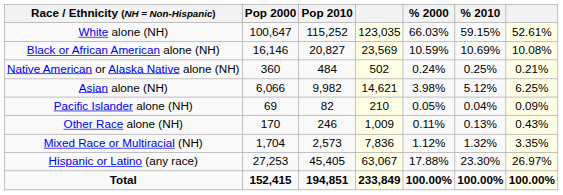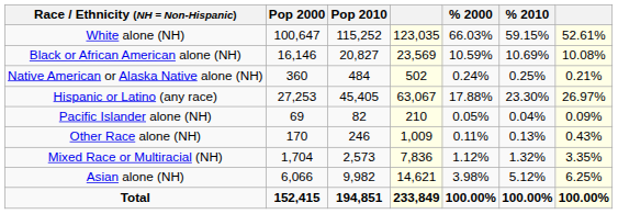 <table class="wikitable" style="text-align:center;">
 <tr>
 <th>Race / Ethnicity <small>(<em>NH = Non-Hispanic</em>)</small></th>
 <th>Pop 2000</th>
 <th>Pop 2010</th>
 <th></th>
 <th>% 2000</th>
 <th>% 2010</th>
 <th></th>
 </tr>
 <tr>
 <td><a href='#'>White</a> alone (NH)</td>
 <td>100,647</td>
 <td>115,252</td>
 <td style='background: #ffffe6;'>123,035</td>
 <td>66.03%</td>
 <td>59.15%</td>
 <td style='background: #ffffe6;'>52.61%</td>
 </tr>
 <tr>
 <td><a href='#'>Black or African American</a> alone (NH)</td>
 <td>16,146</td>
 <td>20,827</td>
 <td style='background: #ffffe6;'>23,569</td>
 <td>10.59%</td>
 <td>10.69%</td>
 <td style='background: #ffffe6;'>10.08%</td>
 </tr>
 <tr>
 <td><a href='#'>Native American</a> or <a href='#'>Alaska Native</a> alone (NH)</td>
 <td>360</td>
 <td>484</td>
 <td style='background: #ffffe6;'>502</td>
 <td>0.24%</td>
 <td>0.25%</td>
 <td style='background: #ffffe6;'>0.21%</td>
 </tr>
 <tr>
-<td><a href='#'>Asian</a> alone (NH)</td>
-<td>6,066</td>
-<td>9,982</td>
-<td style='background: #ffffe6;'>14,621</td>
-<td>3.98%</td>
-<td>5.12%</td>
-<td style='background: #ffffe6;'>6.25%</td>
+<td><a href='#'>Hispanic or Latino</a> (any race)</td>
+<td>27,253</td>
+<td>45,405</td>
+<td style='background: #ffffe6;'>63,067</td>
+<td>17.88%</td>
+<td>23.30%</td>
+<td style='background: #ffffe6;'>26.97%</td>
 </tr>
 <tr>
 <td><a href='#'>Pacific Islander</a> alone (NH)</td>
 <td>69</td>
 <td>82</td>
 <td style='background: #ffffe6;'>210</td>
 <td>0.05%</td>
 <td>0.04%</td>
 <td style='background: #ffffe6;'>0.09%</td>
 </tr>
 <tr>
 <td><a href='#'>Other Race</a> alone (NH)</td>
 <td>170</td>
 <td>246</td>
 <td style='background: #ffffe6;'>1,009</td>
 <td>0.11%</td>
 <td>0.13%</td>
 <td style='background: #ffffe6;'>0.43%</td>
 </tr>
 <tr>
 <td><a href='#'>Mixed Race or Multiracial</a> (NH)</td>
 <td>1,704</td>
 <td>2,573</td>
 <td style='background: #ffffe6;'>7,836</td>
 <td>1.12%</td>
 <td>1.32%</td>
 <td style='background: #ffffe6;'>3.35%</td>
 </tr>
 <tr>
-<td><a href='#'>Hispanic or Latino</a> (any race)</td>
-<td>27,253</td>
-<td>45,405</td>
-<td style='background: #ffffe6;'>63,067</td>
-<td>17.88%</td>
-<td>23.30%</td>
-<td style='background: #ffffe6;'>26.97%</td>
+<td><a href='#'>Asian</a> alone (NH)</td>
+<td>6,066</td>
+<td>9,982</td>
+<td style='background: #ffffe6;'>14,621</td>
+<td>3.98%</td>
+<td>5.12%</td>
+<td style='background: #ffffe6;'>6.25%</td>
 </tr>
 <tr>
 <td><strong>Total</strong></td>
 <td><strong>152,415</strong></td>
 <td><strong>194,851</strong></td>
 <td style='background: #ffffe6;'><strong>233,849</strong></td>
 <td><strong>100.00%</strong></td>
 <td><strong>100.00%</strong></td>
 <td style='background: #ffffe6;'><strong>100.00%</strong></td>
 </tr>
 </table>
